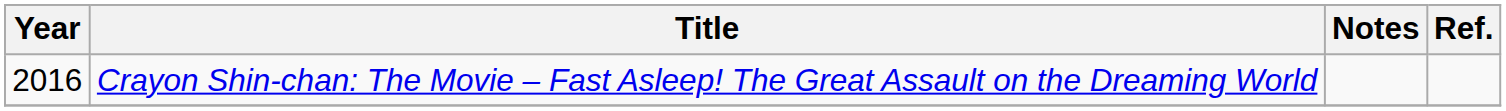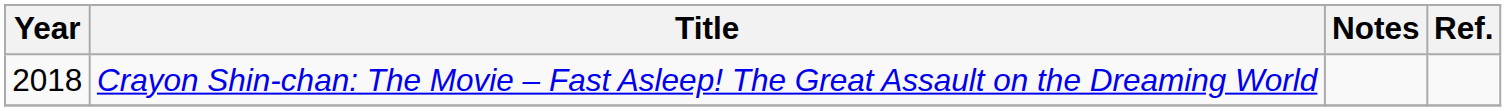 <table class="wikitable">
 <tr>
 <th>Year</th>
 <th>Title</th>
 <th>Notes</th>
 <th>Ref.</th>
 </tr>
 <tr>
-<td>2016</td>
+<td>2018</td>
 <td><em><a href='#'>Crayon Shin-chan: The Movie – Fast Asleep! The Great Assault on the Dreaming World</a></em></td>
 <td></td>
 <td></td>
 </tr>
 <tr>
 </tr>
 </table>
